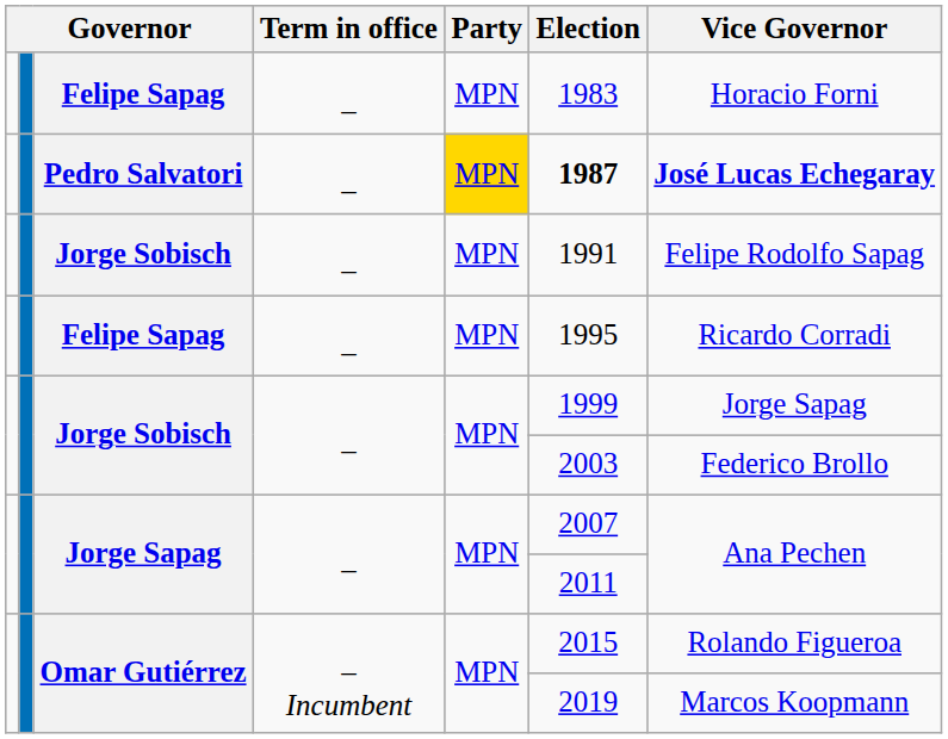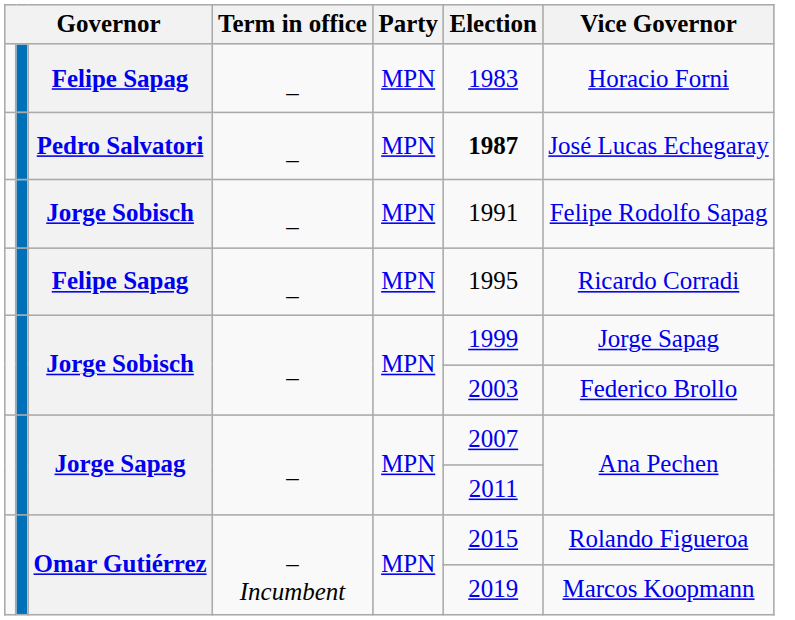 <table class="wikitable sortable" style="text-align: center;">
 <tr>
 <th scope="col" colspan="3">Governor</th>
 <th scope="col">Term in office</th>
 <th scope="col">Party</th>
 <th scope="col">Election</th>
 <th scope="col">Vice Governor</th>
 </tr>
 <tr style="height:2em;">
 <td data-sort-value="Sapag, Felipe"></td>
 <td style="background:#0070b8;"></td>
 <th scope="row"><a href='#'>Felipe Sapag</a></th>
 <td><br>–<br></td>
 <td><a href='#'>MPN</a></td>
 <td><a href='#'>1983</a></td>
 <td data-sort-value="Forni, Horacio"><a href='#'>Horacio Forni</a></td>
 </tr>
 <tr style="height:2em;">
 <td data-sort-value="Salvatori, Pedro"></td>
 <td style="background:#0070b8;"></td>
 <th scope="row"><a href='#'>Pedro Salvatori</a></th>
 <td><br>–<br></td>
-<td style="background: gold;"><a href='#'>MPN</a></td>
+<td><a href='#'>MPN</a></td>
 <td><strong>1987</strong></td>
-<td data-sort-value="Echegaray, José Lucas"><strong><a href='#'>José Lucas Echegaray</a></strong></td>
+<td data-sort-value="Echegaray, José Lucas"><a href='#'>José Lucas Echegaray</a></td>
 </tr>
 <tr style="height:2em;">
 <td data-sort-value="Sobisch, Jorge"></td>
 <td style="background:#0070b8;"></td>
 <th scope="row"><a href='#'>Jorge Sobisch</a></th>
 <td><br>–<br></td>
 <td><a href='#'>MPN</a></td>
 <td>1991</td>
 <td data-sort-value="Sapag, Felipe Rodolfo"><a href='#'>Felipe Rodolfo Sapag</a></td>
 </tr>
 <tr style="height:2em;">
 <td data-sort-value="Sapag, Felipe"></td>
 <td style="background:#0070b8;"></td>
 <th scope="row"><a href='#'>Felipe Sapag</a></th>
 <td><br>–<br></td>
 <td><a href='#'>MPN</a></td>
 <td>1995</td>
 <td data-sort-value="Corradi, Ricardo"><a href='#'>Ricardo Corradi</a></td>
 </tr>
 <tr style="height:2em;">
 <td rowspan="2" data-sort-value="Sobisch, Jorge"></td>
 <td rowspan="2" style="background:#0070b8;"></td>
 <th rowspan="2" scope="row"><a href='#'>Jorge Sobisch</a></th>
 <td rowspan="2"><br>–<br></td>
 <td rowspan="2"><a href='#'>MPN</a></td>
 <td><a href='#'>1999</a></td>
 <td data-sort-value="Sapag, Jorge"><a href='#'>Jorge Sapag</a></td>
 </tr>
 <tr style="height:2em;">
 <td><a href='#'>2003</a></td>
 <td data-sort-value="Brollo, Federico"><a href='#'>Federico Brollo</a></td>
 </tr>
 <tr style="height:2em;">
 <td rowspan="2" data-sort-value="Sapag, Jorge"></td>
 <td rowspan="2" style="background:#0070b8;"></td>
 <th rowspan="2" scope="row"><a href='#'>Jorge Sapag</a></th>
 <td rowspan="2"><br>–<br></td>
 <td rowspan="2"><a href='#'>MPN</a></td>
 <td><a href='#'>2007</a></td>
 <td rowspan="2" data-sort-value="Pechen, Ana"><a href='#'>Ana Pechen</a></td>
 </tr>
 <tr style="height:2em;">
 <td><a href='#'>2011</a></td>
 </tr>
 <tr style="height:2em;">
 <td rowspan="2" data-sort-value="Gutiérrez, Omar"></td>
 <td rowspan="2" style="background:#0070b8;"></td>
 <th rowspan="2" scope="row"><a href='#'>Omar Gutiérrez</a></th>
 <td rowspan="2"><br>–<br><em>Incumbent</em></td>
 <td rowspan="2"><a href='#'>MPN</a></td>
 <td><a href='#'>2015</a></td>
 <td data-sort-value="Figueroa, Rolando"><a href='#'>Rolando Figueroa</a></td>
 </tr>
 <tr style="height:2em;">
 <td><a href='#'>2019</a></td>
 <td data-sort-value="Koopmann, Marcos"><a href='#'>Marcos Koopmann</a></td>
 </tr>
 </table>
